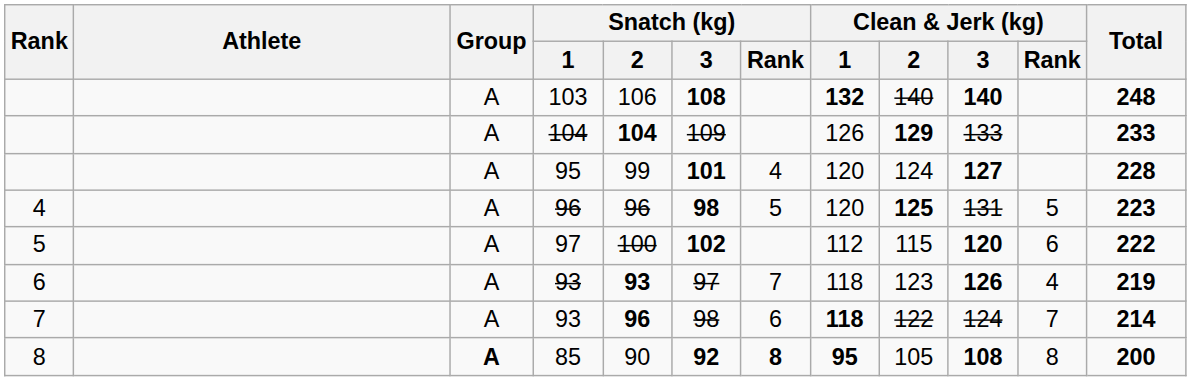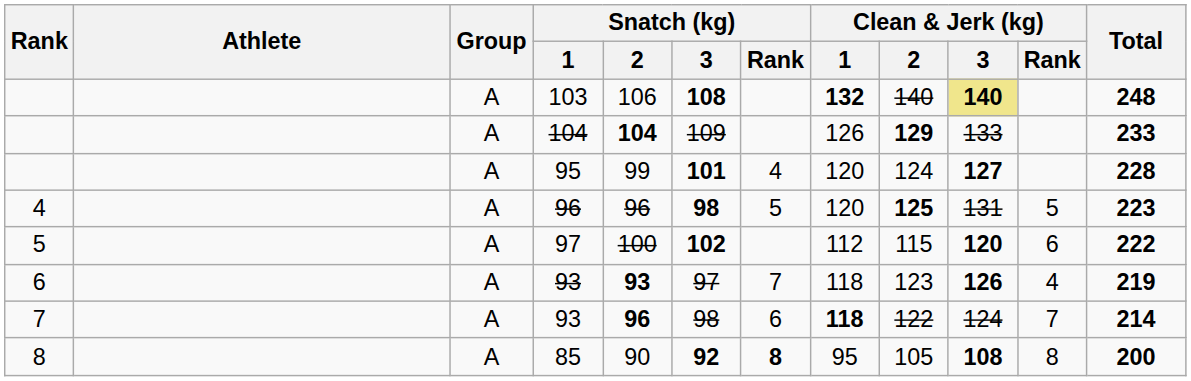 <table class = "wikitable" style="text-align:center;">
 <tr>
 <th rowspan=2 width=40>Rank</th>
 <th rowspan=2 width=250>Athlete</th>
 <th rowspan=2 width=50>Group</th>
 <th colspan=4>Snatch (kg)</th>
 <th colspan=4>Clean & Jerk (kg)</th>
 <th rowspan=2 width=60>Total</th>
 </tr>
 <tr>
 <th width=40>1</th>
 <th width=40>2</th>
 <th width=40>3</th>
 <th width=40>Rank</th>
 <th width=40>1</th>
 <th width=40>2</th>
 <th width=40>3</th>
 <th width=40>Rank</th>
 </tr>
 <tr>
 <td></td>
 <td align=left></td>
 <td>A</td>
 <td>103</td>
 <td>106</td>
 <td><strong>108</strong></td>
 <td></td>
 <td><strong>132</strong></td>
 <td><s>140</s></td>
-<td><strong>140</strong></td>
+<td style="background: khaki;"><strong>140</strong></td>
 <td></td>
 <td><strong>248</strong></td>
 </tr>
 <tr>
 <td></td>
 <td align=left></td>
 <td>A</td>
 <td><s>104</s></td>
 <td><strong>104</strong></td>
 <td><s>109</s></td>
 <td></td>
 <td>126</td>
 <td><strong>129</strong></td>
 <td><s>133</s></td>
 <td></td>
 <td><strong>233</strong></td>
 </tr>
 <tr>
 <td></td>
 <td align=left></td>
 <td>A</td>
 <td>95</td>
 <td>99</td>
 <td><strong>101</strong></td>
 <td>4</td>
 <td>120</td>
 <td>124</td>
 <td><strong>127</strong></td>
 <td></td>
 <td><strong>228</strong></td>
 </tr>
 <tr>
 <td>4</td>
 <td align=left></td>
 <td>A</td>
 <td><s>96</s></td>
 <td><s>96</s></td>
 <td><strong>98</strong></td>
 <td>5</td>
 <td>120</td>
 <td><strong>125</strong></td>
 <td><s>131</s></td>
 <td>5</td>
 <td><strong>223</strong></td>
 </tr>
 <tr>
 <td>5</td>
 <td align=left></td>
 <td>A</td>
 <td>97</td>
 <td><s>100</s></td>
 <td><strong>102</strong></td>
 <td></td>
 <td>112</td>
 <td>115</td>
 <td><strong>120</strong></td>
 <td>6</td>
 <td><strong>222</strong></td>
 </tr>
 <tr>
 <td>6</td>
 <td align=left></td>
 <td>A</td>
 <td><s>93</s></td>
 <td><strong>93</strong></td>
 <td><s>97</s></td>
 <td>7</td>
 <td>118</td>
 <td>123</td>
 <td><strong>126</strong></td>
 <td>4</td>
 <td><strong>219</strong></td>
 </tr>
 <tr>
 <td>7</td>
 <td align=left></td>
 <td>A</td>
 <td>93</td>
 <td><strong>96</strong></td>
 <td><s>98</s></td>
 <td>6</td>
 <td><strong>118</strong></td>
 <td><s>122</s></td>
 <td><s>124</s></td>
 <td>7</td>
 <td><strong>214</strong></td>
 </tr>
 <tr>
 <td>8</td>
 <td align=left></td>
-<td><strong>A</strong></td>
+<td>A</td>
 <td>85</td>
 <td>90</td>
 <td><strong>92</strong></td>
 <td><strong>8</strong></td>
-<td><strong>95</strong></td>
+<td>95</td>
 <td>105</td>
 <td><strong>108</strong></td>
 <td>8</td>
 <td><strong>200</strong></td>
 </tr>
 </table>
